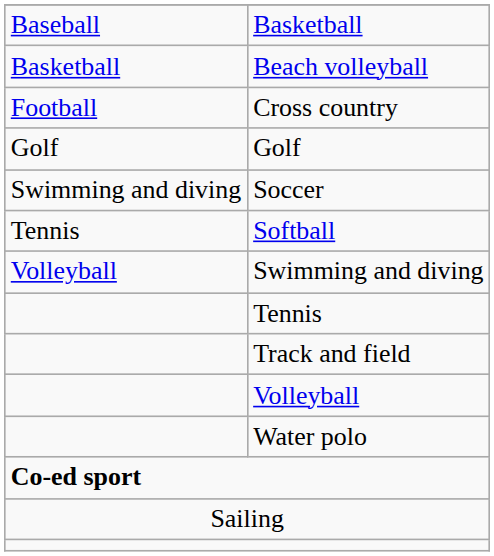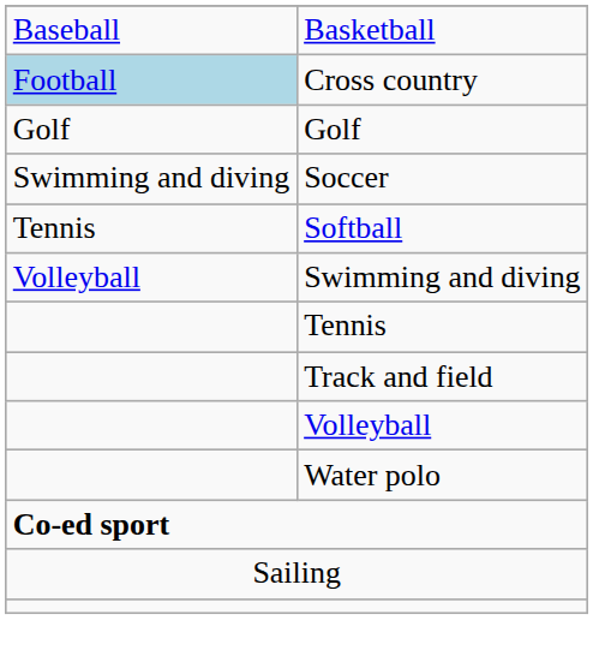 <table class="wikitable" style=" ">
 <tr>
 </tr>
 <tr>
 <td><a href='#'>Baseball</a></td>
 <td><a href='#'>Basketball</a></td>
 </tr>
 <tr>
-<td><a href='#'>Basketball</a></td>
-<td><a href='#'>Beach volleyball</a></td>
-</tr>
-<tr>
-<td><a href='#'>Football</a></td>
+<td style="background: lightblue;"><a href='#'>Football</a></td>
 <td>Cross country</td>
 </tr>
 <tr>
 <td>Golf</td>
 <td>Golf</td>
 </tr>
 <tr>
 <td>Swimming and diving</td>
 <td>Soccer</td>
 </tr>
 <tr>
 <td>Tennis</td>
 <td><a href='#'>Softball</a></td>
 </tr>
 <tr>
 <td><a href='#'>Volleyball</a></td>
 <td>Swimming and diving</td>
 </tr>
 <tr>
 <td></td>
 <td>Tennis</td>
 </tr>
 <tr>
 <td></td>
 <td>Track and field</td>
 </tr>
 <tr>
 <td></td>
 <td><a href='#'>Volleyball</a></td>
 </tr>
 <tr>
 <td></td>
 <td>Water polo</td>
 </tr>
 <tr>
 <td colspan="2"><strong>Co-ed sport</strong></td>
 </tr>
 <tr style="text-align:center">
 <td colspan="2">Sailing</td>
 </tr>
 <tr>
 <td colspan="2"></td>
 </tr>
 </table>
